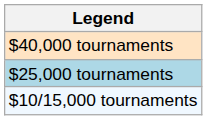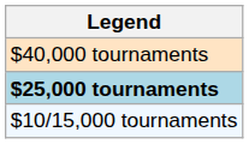 <table class="wikitable" style="font-size:85%">
 <tr>
 <th>Legend</th>
 </tr>
 <tr style="background:#ffe4c4;">
 <td>$40,000 tournaments</td>
 </tr>
 <tr style="background:lightblue;">
-<td>$25,000 tournaments</td>
+<td><strong>$25,000 tournaments</strong></td>
 </tr>
 <tr style="background:#f0f8ff;">
 <td>$10/15,000 tournaments</td>
 </tr>
 </table>
